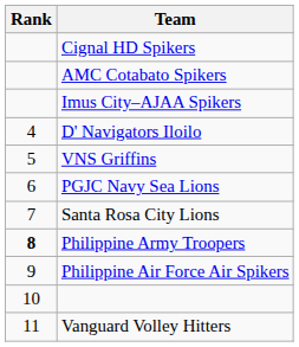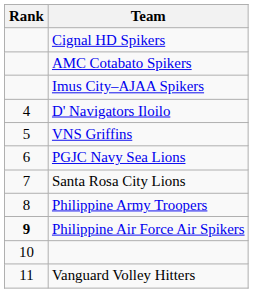 <table class="wikitable" style="text-align:center;">
 <tr>
 <th width=40>Rank</th>
 <th>Team</th>
 </tr>
 <tr>
 <td></td>
 <td style="text-align:left;"> <a href='#'>Cignal HD Spikers</a></td>
 </tr>
 <tr>
 <td></td>
 <td style="text-align:left;"> <a href='#'>AMC Cotabato Spikers</a></td>
 </tr>
 <tr>
 <td></td>
 <td style="text-align:left;"> <a href='#'>Imus City–AJAA Spikers</a></td>
 </tr>
 <tr>
 <td>4</td>
 <td style="text-align:left;"> <a href='#'>D' Navigators Iloilo</a></td>
 </tr>
 <tr>
 <td>5</td>
 <td style="text-align:left;"> <a href='#'>VNS Griffins</a></td>
 </tr>
 <tr>
 <td>6</td>
 <td style="text-align:left;"> <a href='#'>PGJC Navy Sea Lions</a></td>
 </tr>
 <tr>
 <td>7</td>
 <td style="text-align:left;"> Santa Rosa City Lions</td>
 </tr>
 <tr>
-<td><strong>8</strong></td>
+<td>8</td>
 <td style="text-align:left;"> <a href='#'>Philippine Army Troopers</a></td>
 </tr>
 <tr>
-<td>9</td>
+<td><strong>9</strong></td>
 <td style="text-align:left;"> <a href='#'>Philippine Air Force Air Spikers</a></td>
 </tr>
 <tr>
 <td>10</td>
 <td style="text-align:left;"></td>
 </tr>
 <tr>
 <td>11</td>
 <td style="text-align:left;"> Vanguard Volley Hitters</td>
 </tr>
 </table>
